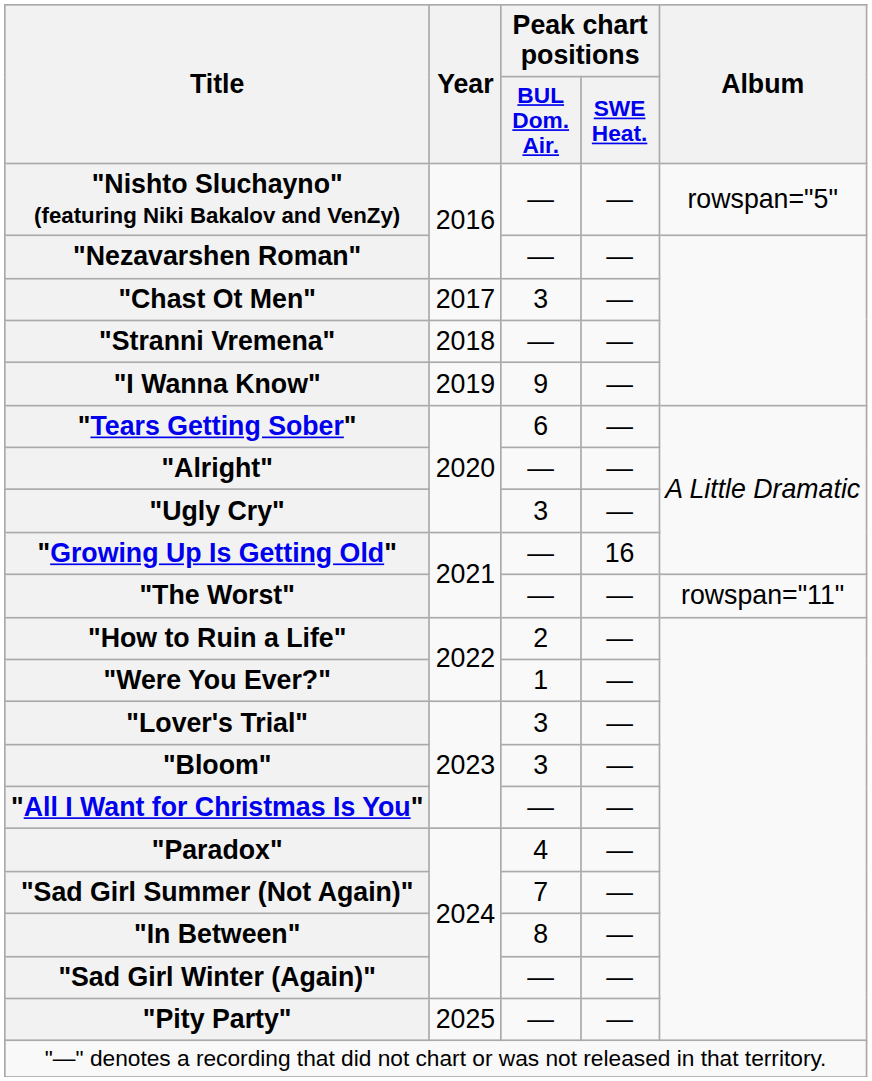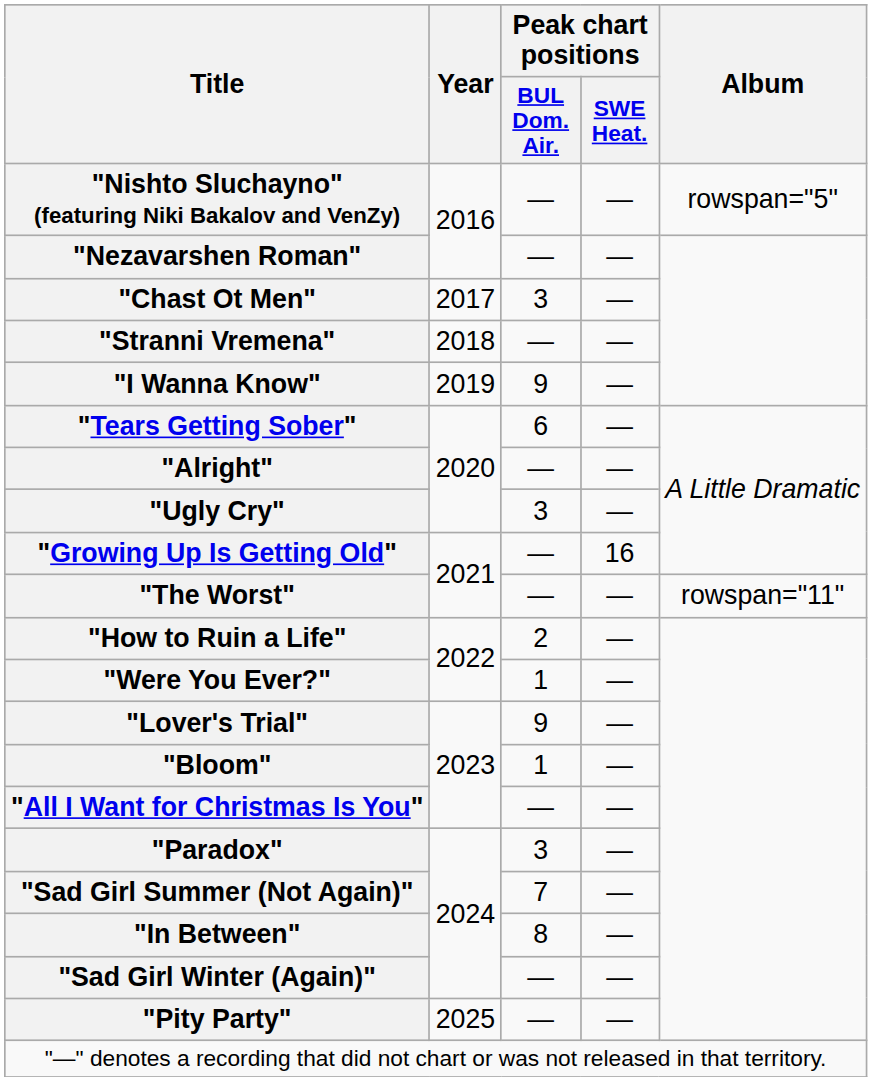 <table class="wikitable plainrowheaders" style="text-align:center;">
 <tr>
 <th scope="col" rowspan="2">Title</th>
 <th scope="col" rowspan="2">Year</th>
 <th scope="col" colspan="2">Peak chart positions</th>
 <th scope="col" rowspan="2">Album</th>
 </tr>
 <tr>
 <th scope="col" style="width:3em;font-size:85%;"><a href='#'>BUL<br>Dom.<br>Air.</a><br></th>
 <th scope="col" style="width:3em;font-size:85%;"><a href='#'>SWE<br>Heat.</a><br></th>
 </tr>
 <tr>
 <th scope="row">"Nishto Sluchayno"<br><small>(featuring Niki Bakalov and VenZy)</small></th>
 <td rowspan="2">2016</td>
 <td>—</td>
 <td>—</td>
 <td>rowspan="5" </td>
 </tr>
 <tr>
 <th scope="row">"Nezavarshen Roman"</th>
 <td>—</td>
 <td>—</td>
 </tr>
 <tr>
 <th scope="row">"Chast Ot Men"</th>
 <td>2017</td>
 <td>3</td>
 <td>—</td>
 </tr>
 <tr>
 <th scope="row">"Stranni Vremena"</th>
 <td>2018</td>
 <td>—</td>
 <td>—</td>
 </tr>
 <tr>
 <th scope="row">"I Wanna Know"</th>
 <td>2019</td>
 <td>9</td>
 <td>—</td>
 </tr>
 <tr>
 <th scope="row">"<a href='#'>Tears Getting Sober</a>"</th>
 <td rowspan="3">2020</td>
 <td>6</td>
 <td>—</td>
 <td rowspan="4"><em>A Little Dramatic</em></td>
 </tr>
 <tr>
 <th scope="row">"Alright"</th>
 <td>—</td>
 <td>—</td>
 </tr>
 <tr>
 <th scope="row">"Ugly Cry"</th>
 <td>3</td>
 <td>—</td>
 </tr>
 <tr>
 <th scope="row">"<a href='#'>Growing Up Is Getting Old</a>"</th>
 <td rowspan="2">2021</td>
 <td>—</td>
 <td>16</td>
 </tr>
 <tr>
 <th scope="row">"The Worst"</th>
 <td>—</td>
 <td>—</td>
 <td>rowspan="11" </td>
 </tr>
 <tr>
 <th scope="row">"How to Ruin a Life"</th>
 <td rowspan="2">2022</td>
 <td>2</td>
 <td>—</td>
 </tr>
 <tr>
 <th scope="row">"Were You Ever?"</th>
 <td>1</td>
 <td>—</td>
 </tr>
 <tr>
 <th scope="row">"Lover's Trial"</th>
 <td rowspan="3">2023</td>
-<td>3</td>
+<td>9</td>
 <td>—</td>
 </tr>
 <tr>
 <th scope="row">"Bloom"</th>
-<td>3</td>
+<td>1</td>
 <td>—</td>
 </tr>
 <tr>
 <th scope="row">"<a href='#'>All I Want for Christmas Is You</a>"<br></th>
 <td>—</td>
 <td>—</td>
 </tr>
 <tr>
 <th scope="row">"Paradox"</th>
 <td rowspan="4">2024</td>
-<td>4</td>
+<td>3</td>
 <td>—</td>
 </tr>
 <tr>
 <th scope="row">"Sad Girl Summer (Not Again)"</th>
 <td>7</td>
 <td>—</td>
 </tr>
 <tr>
 <th scope="row">"In Between"</th>
 <td>8</td>
 <td>—</td>
 </tr>
 <tr>
 <th scope="row">"Sad Girl Winter (Again)"</th>
 <td>—</td>
 <td>—</td>
 </tr>
 <tr>
 <th scope="row">"Pity Party"</th>
 <td>2025</td>
 <td>—</td>
 <td>—</td>
 </tr>
 <tr>
 <td colspan="7" style="font-size:85%">"—" denotes a recording that did not chart or was not released in that territory.</td>
 </tr>
 </table>
